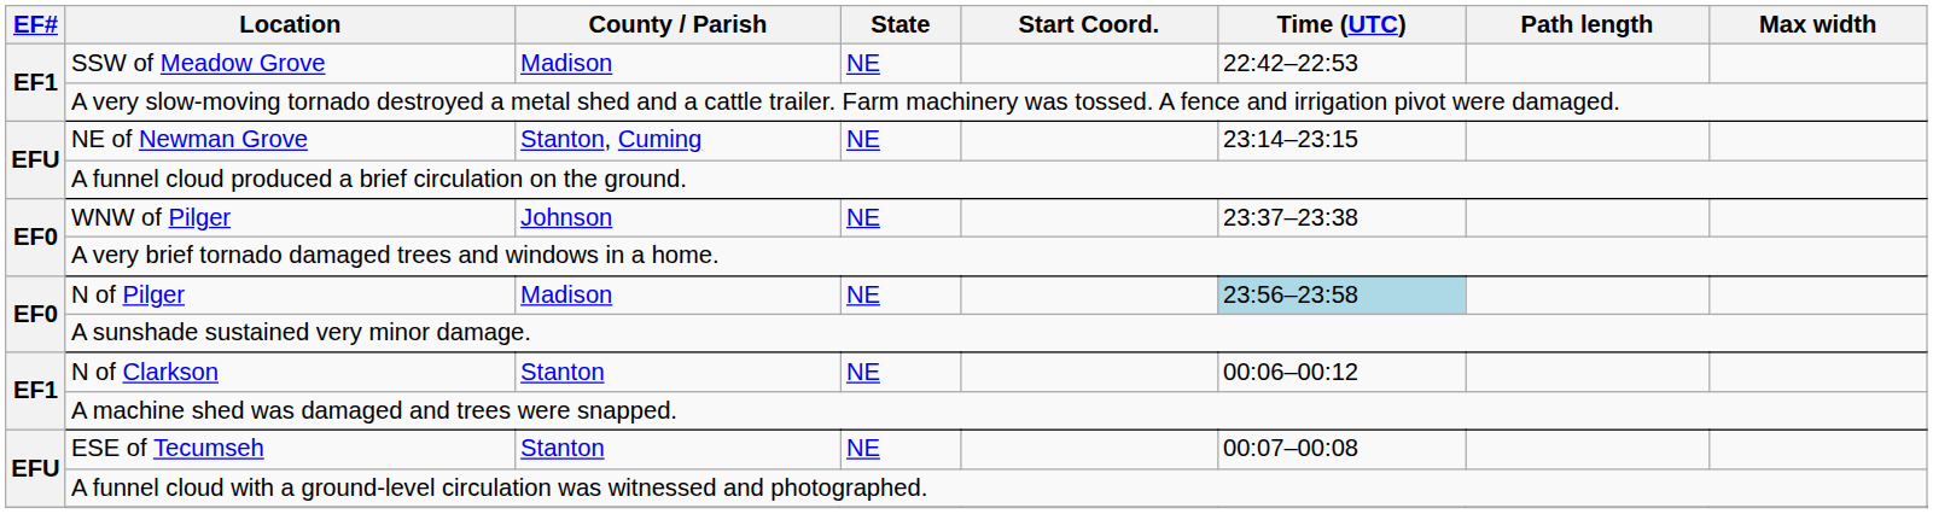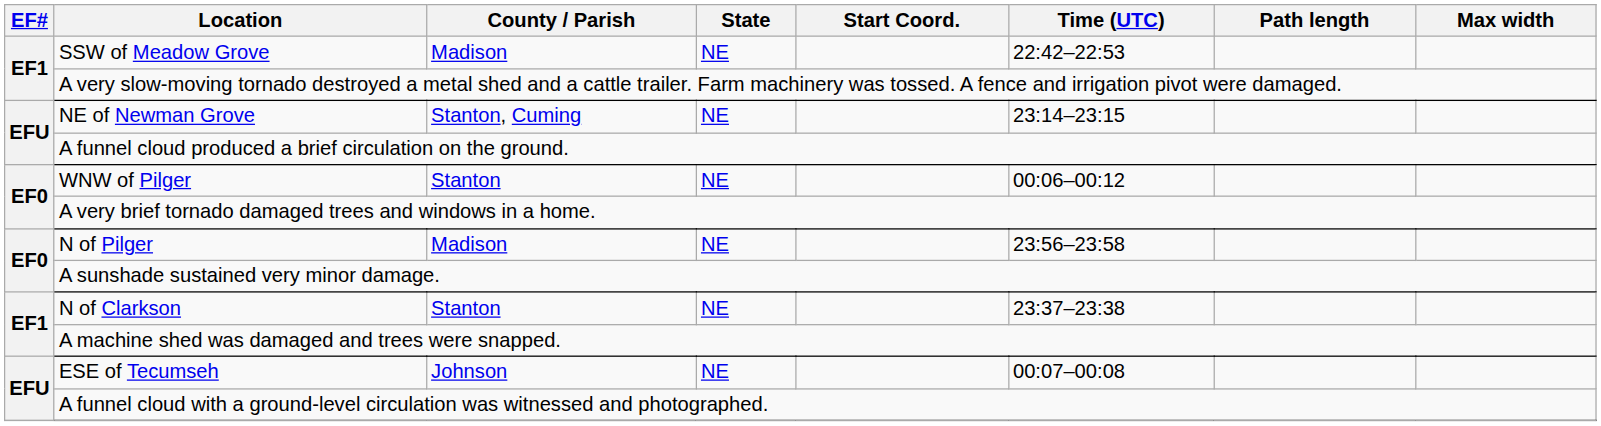 <table class="wikitable sortable" style="width:100%;">
 <tr>
 <th scope="col" width="2%" align="center"><a href='#'>EF#</a></th>
 <th scope="col" align="center" class="unsortable">Location</th>
 <th scope="col" align="center" class="unsortable">County / Parish</th>
 <th scope="col" align="center">State</th>
 <th scope="col" align="center">Start Coord.</th>
 <th scope="col" align="center">Time (<a href='#'>UTC</a>)</th>
 <th scope="col" align="center">Path length</th>
 <th scope="col" align="center">Max width</th>
 </tr>
 <tr>
 <th scope="row" rowspan="2" style="background-color:#">EF1</th>
 <td>SSW of <a href='#'>Meadow Grove</a></td>
 <td><a href='#'>Madison</a></td>
 <td><a href='#'>NE</a></td>
 <td></td>
 <td>22:42–22:53</td>
 <td></td>
 <td></td>
 </tr>
 <tr class="expand-child">
 <td colspan="8" style=" border-bottom: 1px solid black;">A very slow-moving tornado destroyed a metal shed and a cattle trailer. Farm machinery was tossed. A fence and irrigation pivot were damaged.</td>
 </tr>
 <tr>
 <th scope="row" rowspan="2" style="background-color:#">EFU</th>
 <td>NE of <a href='#'>Newman Grove</a></td>
 <td><a href='#'>Stanton</a>, <a href='#'>Cuming</a></td>
 <td><a href='#'>NE</a></td>
 <td></td>
 <td>23:14–23:15</td>
 <td></td>
 <td></td>
 </tr>
 <tr class="expand-child">
 <td colspan="8" style=" border-bottom: 1px solid black;">A funnel cloud produced a brief circulation on the ground.</td>
 </tr>
 <tr>
 <th scope="row" rowspan="2" style="background-color:#">EF0</th>
 <td>WNW of <a href='#'>Pilger</a></td>
-<td><a href='#'>Johnson</a></td>
+<td><a href='#'>Stanton</a></td>
 <td><a href='#'>NE</a></td>
 <td></td>
-<td>23:37–23:38</td>
+<td>00:06–00:12</td>
 <td></td>
 <td></td>
 </tr>
 <tr class="expand-child">
 <td colspan="8" style=" border-bottom: 1px solid black;">A very brief tornado damaged trees and windows in a home.</td>
 </tr>
 <tr>
 <th scope="row" rowspan="2" style="background-color:#">EF0</th>
 <td>N of <a href='#'>Pilger</a></td>
 <td><a href='#'>Madison</a></td>
 <td><a href='#'>NE</a></td>
 <td></td>
-<td style="background: lightblue;">23:56–23:58</td>
+<td>23:56–23:58</td>
 <td></td>
 <td></td>
 </tr>
 <tr class="expand-child">
 <td colspan="8" style=" border-bottom: 1px solid black;">A sunshade sustained very minor damage.</td>
 </tr>
 <tr>
 <th scope="row" rowspan="2" style="background-color:#">EF1</th>
 <td>N of <a href='#'>Clarkson</a></td>
 <td><a href='#'>Stanton</a></td>
 <td><a href='#'>NE</a></td>
 <td></td>
-<td>00:06–00:12</td>
+<td>23:37–23:38</td>
 <td></td>
 <td></td>
 </tr>
 <tr class="expand-child">
 <td colspan="8" style=" border-bottom: 1px solid black;">A machine shed was damaged and trees were snapped.</td>
 </tr>
 <tr>
 <th scope="row" rowspan="2" style="background-color:#">EFU</th>
 <td>ESE of <a href='#'>Tecumseh</a></td>
-<td><a href='#'>Stanton</a></td>
+<td><a href='#'>Johnson</a></td>
 <td><a href='#'>NE</a></td>
 <td></td>
 <td>00:07–00:08</td>
 <td></td>
 <td></td>
 </tr>
 <tr class="expand-child">
 <td colspan="8" style=" border-bottom: 1px solid black;">A funnel cloud with a ground-level circulation was witnessed and photographed.</td>
 </tr>
 <tr>
 </tr>
 </table>
